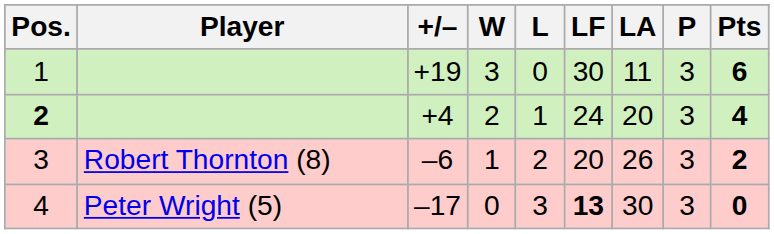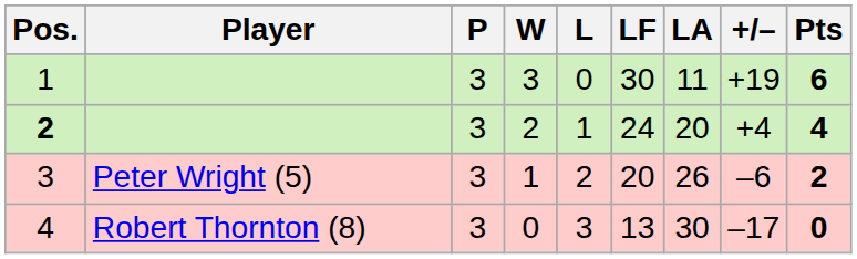 <table class="wikitable" style="text-align:center; margin: 1em auto 1em auto, align:left">
 <tr>
 <th width=20>Pos.</th>
 <th width=180>Player</th>
-<th width=25>+/–</th>
+<th width=20>P</th>
 <th width=20>W</th>
 <th width=20>L</th>
 <th width=20>LF</th>
 <th width=20>LA</th>
-<th width=20>P</th>
+<th width=25>+/–</th>
 <th width=20>Pts</th>
 </tr>
 <tr style="background:#D0F0C0;">
 <td>1</td>
 <td align=left></td>
-<td>+19</td>
+<td>3</td>
 <td>3</td>
 <td>0</td>
 <td>30</td>
 <td>11</td>
-<td>3</td>
+<td>+19</td>
 <td><strong>6</strong></td>
 </tr>
 <tr style="background:#D0F0C0;">
 <td><strong>2</strong></td>
 <td align=left></td>
-<td>+4</td>
+<td>3</td>
 <td>2</td>
 <td>1</td>
 <td>24</td>
 <td>20</td>
-<td>3</td>
+<td>+4</td>
 <td><strong>4</strong></td>
 </tr>
 <tr style="background:#FFCCCC;">
 <td>3</td>
-<td align=left> <a href='#'>Robert Thornton</a> (8)</td>
-<td>–6</td>
+<td align=left> <a href='#'>Peter Wright</a> (5)</td>
+<td>3</td>
 <td>1</td>
 <td>2</td>
 <td>20</td>
 <td>26</td>
-<td>3</td>
+<td>–6</td>
 <td><strong>2</strong></td>
 </tr>
 <tr style="background:#FFCCCC;">
 <td>4</td>
-<td align=left> <a href='#'>Peter Wright</a> (5)</td>
-<td>–17</td>
+<td align=left> <a href='#'>Robert Thornton</a> (8)</td>
+<td>3</td>
 <td>0</td>
 <td>3</td>
-<td><strong>13</strong></td>
+<td>13</td>
 <td>30</td>
-<td>3</td>
+<td>–17</td>
 <td><strong>0</strong></td>
 </tr>
 </table>
